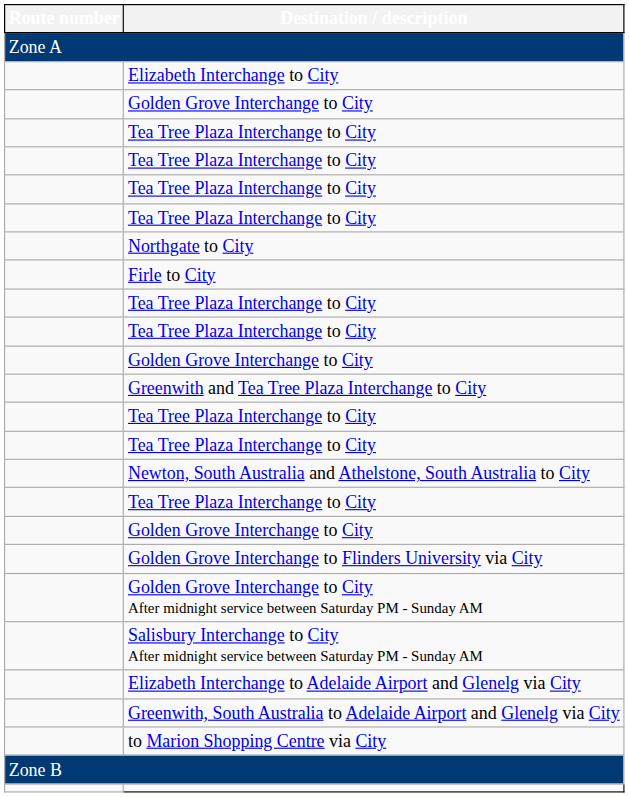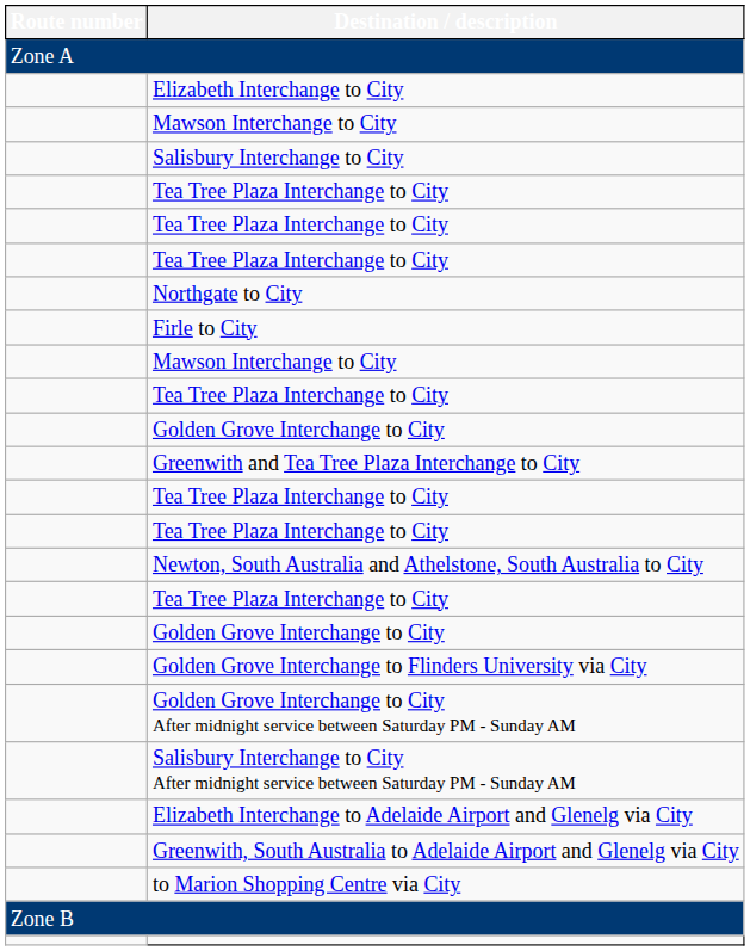 <table class="wikitable" style="float: none; margin-center: 1em; margin-bottom: 0.5em; border: black solid 1px">
 <tr style="color:white; background:#231e20;">
 <th style="border: black solid 1px;">Route number</th>
 <th style="border: black solid 1px;">Destination / description</th>
 </tr>
 <tr>
 <td colspan="2" style="color:white; background:#003973;">Zone A</td>
 </tr>
 <tr>
 <td></td>
 <td><a href='#'>Elizabeth Interchange</a> to <a href='#'>City</a></td>
 </tr>
 <tr>
 <td></td>
-<td><a href='#'>Golden Grove Interchange</a> to <a href='#'>City</a></td>
+<td><a href='#'>Mawson Interchange</a> to <a href='#'>City</a></td>
 </tr>
 <tr>
 <td></td>
-<td><a href='#'>Tea Tree Plaza Interchange</a> to <a href='#'>City</a></td>
+<td><a href='#'>Salisbury Interchange</a> to <a href='#'>City</a></td>
 </tr>
 <tr>
 <td></td>
 <td><a href='#'>Tea Tree Plaza Interchange</a> to <a href='#'>City</a></td>
 </tr>
 <tr>
 <td></td>
 <td><a href='#'>Tea Tree Plaza Interchange</a> to <a href='#'>City</a></td>
 </tr>
 <tr>
 <td></td>
 <td><a href='#'>Tea Tree Plaza Interchange</a> to <a href='#'>City</a></td>
 </tr>
 <tr>
 <td></td>
 <td><a href='#'>Northgate</a> to <a href='#'>City</a></td>
 </tr>
 <tr>
 <td></td>
 <td><a href='#'>Firle</a> to <a href='#'>City</a></td>
 </tr>
 <tr>
 <td></td>
-<td><a href='#'>Tea Tree Plaza Interchange</a> to <a href='#'>City</a></td>
+<td><a href='#'>Mawson Interchange</a> to <a href='#'>City</a></td>
 </tr>
 <tr>
 <td></td>
 <td><a href='#'>Tea Tree Plaza Interchange</a> to <a href='#'>City</a></td>
 </tr>
 <tr>
 <td></td>
 <td><a href='#'>Golden Grove Interchange</a> to <a href='#'>City</a></td>
 </tr>
 <tr>
 <td></td>
 <td><a href='#'>Greenwith</a> and <a href='#'>Tea Tree Plaza Interchange</a> to <a href='#'>City</a></td>
 </tr>
 <tr>
 <td></td>
 <td><a href='#'>Tea Tree Plaza Interchange</a> to <a href='#'>City</a></td>
 </tr>
 <tr>
 <td></td>
 <td><a href='#'>Tea Tree Plaza Interchange</a> to <a href='#'>City</a></td>
 </tr>
 <tr>
 <td></td>
 <td><a href='#'>Newton, South Australia</a> and <a href='#'>Athelstone, South Australia</a> to <a href='#'>City</a></td>
 </tr>
 <tr>
 <td></td>
 <td><a href='#'>Tea Tree Plaza Interchange</a> to <a href='#'>City</a></td>
 </tr>
 <tr>
 <td></td>
 <td><a href='#'>Golden Grove Interchange</a> to <a href='#'>City</a></td>
 </tr>
 <tr>
 <td></td>
 <td><a href='#'>Golden Grove Interchange</a> to <a href='#'>Flinders University</a> via <a href='#'>City</a></td>
 </tr>
 <tr>
 <td></td>
 <td><a href='#'>Golden Grove Interchange</a> to <a href='#'>City</a> <br><small>After midnight service between Saturday PM - Sunday AM</small></td>
 </tr>
 <tr>
 <td></td>
 <td><a href='#'>Salisbury Interchange</a> to <a href='#'>City</a><br><small>After midnight service between Saturday PM - Sunday AM</small></td>
 </tr>
 <tr>
 <td></td>
 <td><a href='#'>Elizabeth Interchange</a> to <a href='#'>Adelaide Airport</a> and <a href='#'>Glenelg</a> via <a href='#'>City</a></td>
 </tr>
 <tr>
 <td></td>
 <td><a href='#'>Greenwith, South Australia</a> to <a href='#'>Adelaide Airport</a> and <a href='#'>Glenelg</a> via <a href='#'>City</a></td>
 </tr>
 <tr>
 <td></td>
 <td>to <a href='#'>Marion Shopping Centre</a> via <a href='#'>City</a></td>
 </tr>
 <tr>
 <td colspan="2" style="color:white; background:#003973;">Zone B</td>
 </tr>
 <tr>
 <td></td>
 </tr>
 </table>
